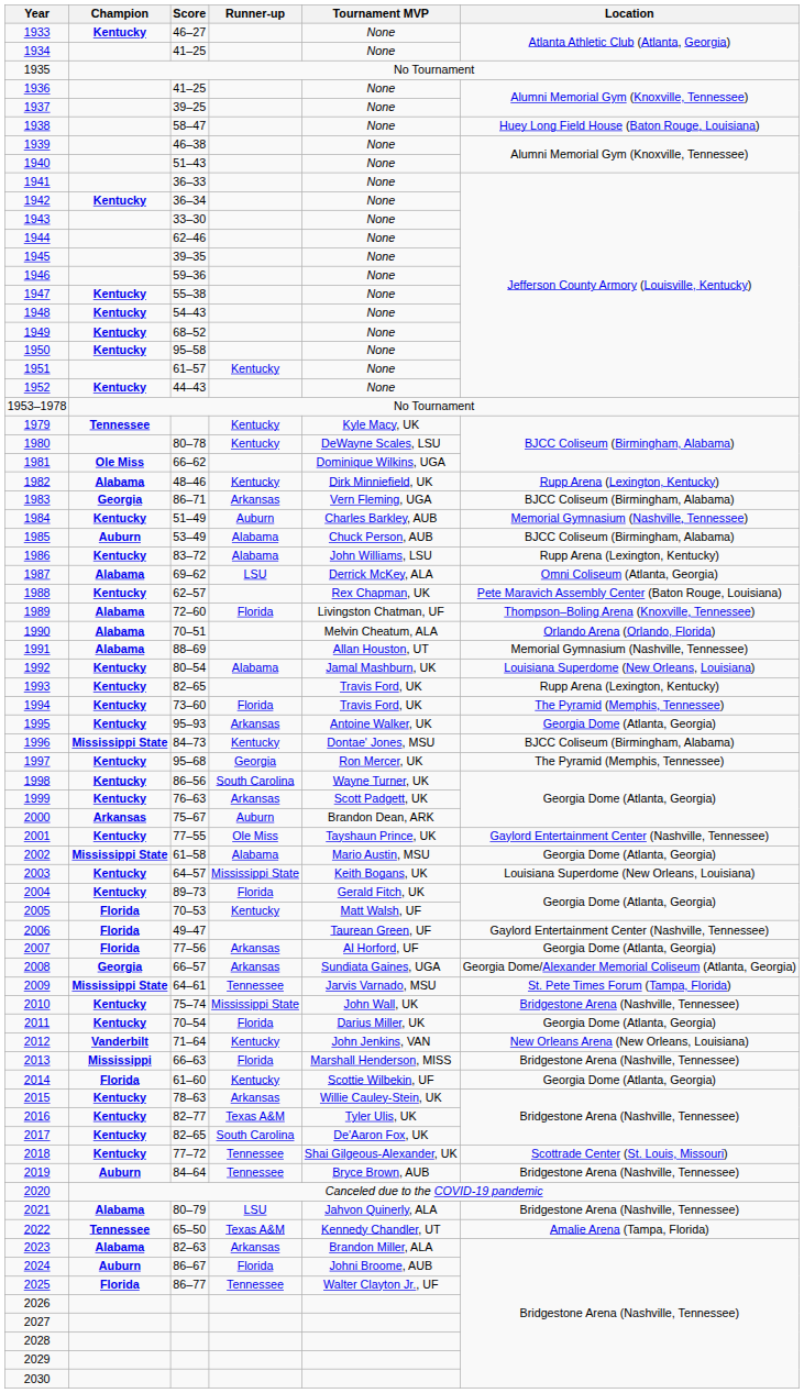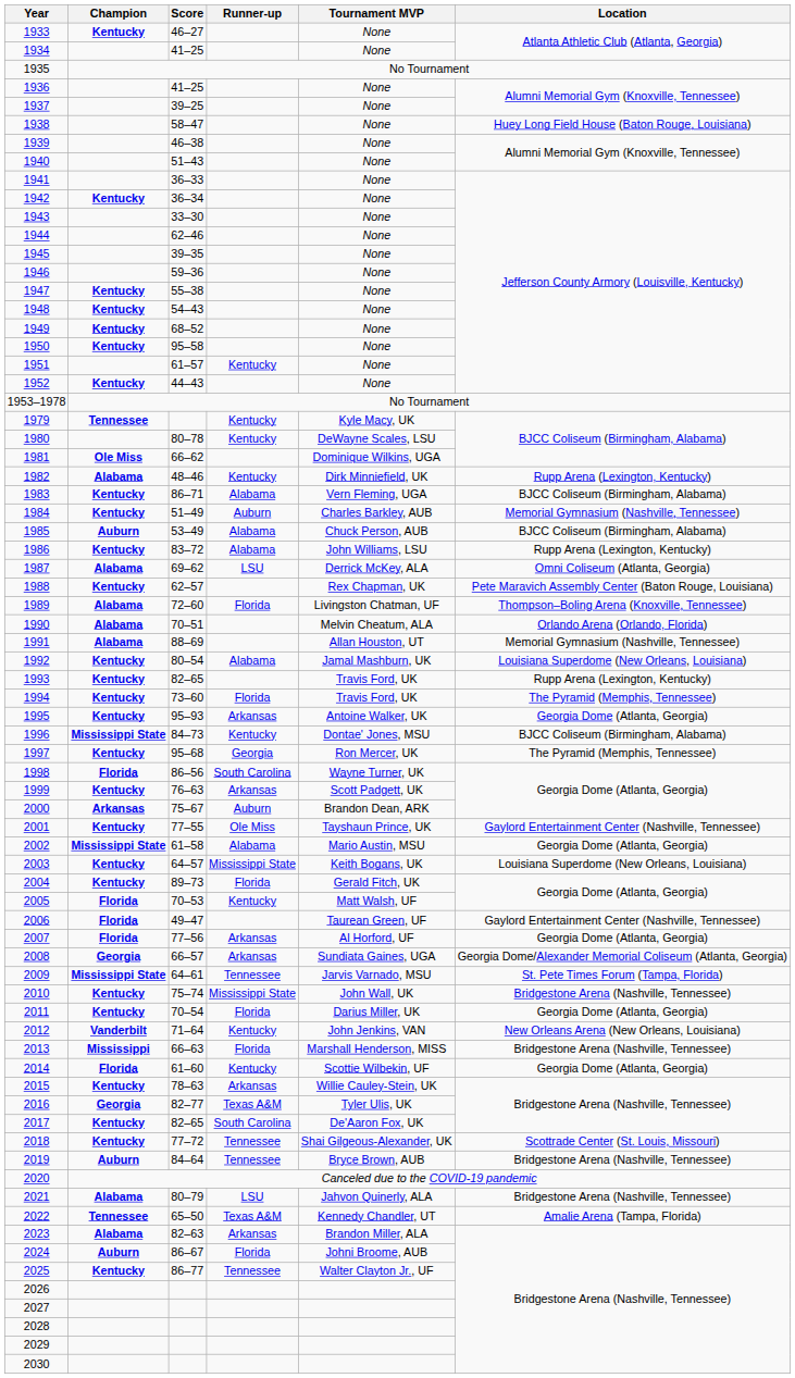 <table class="wikitable sortable" style="text-align:center">
 <tr>
 <th width=px>Year</th>
 <th width=px>Champion</th>
 <th width=px>Score</th>
 <th width=px>Runner-up</th>
 <th width=px>Tournament MVP</th>
 <th width=px>Location</th>
 </tr>
 <tr>
 <td><a href='#'>1933</a></td>
 <td><a href='#'><strong>Kentucky</strong></a></td>
 <td>46–27</td>
 <td></td>
 <td><em>None</em></td>
 <td rowspan=2><a href='#'>Atlanta Athletic Club</a> (<a href='#'>Atlanta</a>, <a href='#'>Georgia</a>)</td>
 </tr>
 <tr>
 <td><a href='#'>1934</a></td>
 <td><strong></strong></td>
 <td>41–25</td>
 <td></td>
 <td><em>None</em></td>
 </tr>
 <tr>
 <td>1935</td>
 <td colspan=5>No Tournament</td>
 </tr>
 <tr>
 <td><a href='#'>1936</a></td>
 <td><strong></strong></td>
 <td>41–25</td>
 <td></td>
 <td><em>None</em></td>
 <td rowspan=2><a href='#'>Alumni Memorial Gym</a> (<a href='#'>Knoxville, Tennessee</a>)</td>
 </tr>
 <tr>
 <td><a href='#'>1937</a></td>
 <td><strong></strong></td>
 <td>39–25</td>
 <td></td>
 <td><em>None</em></td>
 </tr>
 <tr>
 <td><a href='#'>1938</a></td>
 <td><strong></strong></td>
 <td>58–47</td>
 <td></td>
 <td><em>None</em></td>
 <td><a href='#'>Huey Long Field House</a> (<a href='#'>Baton Rouge, Louisiana</a>)</td>
 </tr>
 <tr>
 <td><a href='#'>1939</a></td>
 <td><strong></strong></td>
 <td>46–38</td>
 <td></td>
 <td><em>None</em></td>
 <td rowspan=2>Alumni Memorial Gym (Knoxville, Tennessee)</td>
 </tr>
 <tr>
 <td><a href='#'>1940</a></td>
 <td><strong></strong></td>
 <td>51–43</td>
 <td></td>
 <td><em>None</em></td>
 </tr>
 <tr>
 <td><a href='#'>1941</a></td>
 <td><strong></strong></td>
 <td>36–33</td>
 <td></td>
 <td><em>None</em></td>
 <td rowspan=12><a href='#'>Jefferson County Armory</a> (<a href='#'>Louisville, Kentucky</a>)</td>
 </tr>
 <tr>
 <td><a href='#'>1942</a></td>
 <td><a href='#'><strong>Kentucky</strong></a></td>
 <td>36–34</td>
 <td></td>
 <td><em>None</em></td>
 </tr>
 <tr>
 <td><a href='#'>1943</a></td>
 <td><strong></strong></td>
 <td>33–30</td>
 <td></td>
 <td><em>None</em></td>
 </tr>
 <tr>
 <td><a href='#'>1944</a></td>
 <td><strong></strong></td>
 <td>62–46</td>
 <td></td>
 <td><em>None</em></td>
 </tr>
 <tr>
 <td><a href='#'>1945</a></td>
 <td><strong></strong></td>
 <td>39–35</td>
 <td></td>
 <td><em>None</em></td>
 </tr>
 <tr>
 <td><a href='#'>1946</a></td>
 <td><strong></strong></td>
 <td>59–36</td>
 <td></td>
 <td><em>None</em></td>
 </tr>
 <tr>
 <td><a href='#'>1947</a></td>
 <td><a href='#'><strong>Kentucky</strong></a></td>
 <td>55–38</td>
 <td></td>
 <td><em>None</em></td>
 </tr>
 <tr>
 <td><a href='#'>1948</a></td>
 <td><a href='#'><strong>Kentucky</strong></a></td>
 <td>54–43</td>
 <td></td>
 <td><em>None</em></td>
 </tr>
 <tr>
 <td><a href='#'>1949</a></td>
 <td><a href='#'><strong>Kentucky</strong></a></td>
 <td>68–52</td>
 <td></td>
 <td><em>None</em></td>
 </tr>
 <tr>
 <td><a href='#'>1950</a></td>
 <td><a href='#'><strong>Kentucky</strong></a></td>
 <td>95–58</td>
 <td></td>
 <td><em>None</em></td>
 </tr>
 <tr>
 <td><a href='#'>1951</a></td>
 <td><strong></strong></td>
 <td>61–57</td>
 <td><a href='#'>Kentucky</a></td>
 <td><em>None</em></td>
 </tr>
 <tr>
 <td><a href='#'>1952</a></td>
 <td><a href='#'><strong>Kentucky</strong></a></td>
 <td>44–43</td>
 <td></td>
 <td><em>None</em></td>
 </tr>
 <tr>
 <td>1953–1978</td>
 <td colspan=5>No Tournament</td>
 </tr>
 <tr>
 <td><a href='#'>1979</a></td>
 <td><a href='#'><strong>Tennessee</strong></a></td>
 <td></td>
 <td><a href='#'>Kentucky</a></td>
 <td><a href='#'>Kyle Macy</a>, UK</td>
 <td rowspan=3><a href='#'>BJCC Coliseum</a> (<a href='#'>Birmingham, Alabama</a>)</td>
 </tr>
 <tr>
 <td><a href='#'>1980</a></td>
 <td><strong></strong></td>
 <td>80–78</td>
 <td><a href='#'>Kentucky</a></td>
 <td><a href='#'>DeWayne Scales</a>, LSU</td>
 </tr>
 <tr>
 <td><a href='#'>1981</a></td>
 <td><a href='#'><strong>Ole Miss</strong></a></td>
 <td>66–62</td>
 <td></td>
 <td><a href='#'>Dominique Wilkins</a>, UGA</td>
 </tr>
 <tr>
 <td><a href='#'>1982</a></td>
 <td><a href='#'><strong>Alabama</strong></a></td>
 <td>48–46</td>
 <td><a href='#'>Kentucky</a></td>
 <td><a href='#'>Dirk Minniefield</a>, UK</td>
 <td><a href='#'>Rupp Arena</a> (<a href='#'>Lexington, Kentucky</a>)</td>
 </tr>
 <tr>
 <td><a href='#'>1983</a></td>
-<td><a href='#'><strong>Georgia</strong></a></td>
+<td><a href='#'><strong>Kentucky</strong></a></td>
 <td>86–71</td>
-<td><a href='#'>Arkansas</a></td>
+<td><a href='#'>Alabama</a></td>
 <td><a href='#'>Vern Fleming</a>, UGA</td>
 <td>BJCC Coliseum (Birmingham, Alabama)</td>
 </tr>
 <tr>
 <td><a href='#'>1984</a></td>
 <td><a href='#'><strong>Kentucky</strong></a></td>
 <td>51–49</td>
 <td><a href='#'>Auburn</a></td>
 <td><a href='#'>Charles Barkley</a>, AUB</td>
 <td><a href='#'>Memorial Gymnasium</a> (<a href='#'>Nashville, Tennessee</a>)</td>
 </tr>
 <tr>
 <td><a href='#'>1985</a></td>
 <td><a href='#'><strong>Auburn</strong></a></td>
 <td>53–49</td>
 <td><a href='#'>Alabama</a></td>
 <td><a href='#'>Chuck Person</a>, AUB</td>
 <td>BJCC Coliseum (Birmingham, Alabama)</td>
 </tr>
 <tr>
 <td><a href='#'>1986</a></td>
 <td><a href='#'><strong>Kentucky</strong></a></td>
 <td>83–72</td>
 <td><a href='#'>Alabama</a></td>
 <td><a href='#'>John Williams</a>, LSU</td>
 <td>Rupp Arena (Lexington, Kentucky)</td>
 </tr>
 <tr>
 <td><a href='#'>1987</a></td>
 <td><a href='#'><strong>Alabama</strong></a></td>
 <td>69–62</td>
 <td><a href='#'>LSU</a></td>
 <td><a href='#'>Derrick McKey</a>, ALA</td>
 <td><a href='#'>Omni Coliseum</a> (Atlanta, Georgia)</td>
 </tr>
 <tr>
 <td><a href='#'>1988</a></td>
 <td><strong><a href='#'>Kentucky</a></strong></td>
 <td>62–57</td>
 <td></td>
 <td><a href='#'>Rex Chapman</a>, UK</td>
 <td><a href='#'>Pete Maravich Assembly Center</a> (Baton Rouge, Louisiana)</td>
 </tr>
 <tr>
 <td><a href='#'>1989</a></td>
 <td><a href='#'><strong>Alabama</strong></a></td>
 <td>72–60</td>
 <td><a href='#'>Florida</a></td>
 <td>Livingston Chatman, UF</td>
 <td><a href='#'>Thompson–Boling Arena</a> (<a href='#'>Knoxville, Tennessee</a>)</td>
 </tr>
 <tr>
 <td><a href='#'>1990</a></td>
 <td><a href='#'><strong>Alabama</strong></a></td>
 <td>70–51</td>
 <td></td>
 <td>Melvin Cheatum, ALA</td>
 <td><a href='#'>Orlando Arena</a> (<a href='#'>Orlando, Florida</a>)</td>
 </tr>
 <tr>
 <td><a href='#'>1991</a></td>
 <td><a href='#'><strong>Alabama</strong></a></td>
 <td>88–69</td>
 <td></td>
 <td><a href='#'>Allan Houston</a>, UT</td>
 <td>Memorial Gymnasium (Nashville, Tennessee)</td>
 </tr>
 <tr>
 <td><a href='#'>1992</a></td>
 <td><a href='#'><strong>Kentucky</strong></a></td>
 <td>80–54</td>
 <td><a href='#'>Alabama</a></td>
 <td><a href='#'>Jamal Mashburn</a>, UK</td>
 <td><a href='#'>Louisiana Superdome</a> (<a href='#'>New Orleans</a>, <a href='#'>Louisiana</a>)</td>
 </tr>
 <tr>
 <td><a href='#'>1993</a></td>
 <td><a href='#'><strong>Kentucky</strong></a></td>
 <td>82–65</td>
 <td></td>
 <td><a href='#'>Travis Ford</a>, UK</td>
 <td>Rupp Arena (Lexington, Kentucky)</td>
 </tr>
 <tr>
 <td><a href='#'>1994</a></td>
 <td><a href='#'><strong>Kentucky</strong></a></td>
 <td>73–60</td>
 <td><a href='#'>Florida</a></td>
 <td><a href='#'>Travis Ford</a>, UK</td>
 <td><a href='#'>The Pyramid</a> (<a href='#'>Memphis, Tennessee</a>)</td>
 </tr>
 <tr>
 <td><a href='#'>1995</a></td>
 <td><a href='#'><strong>Kentucky</strong></a></td>
 <td>95–93</td>
 <td><a href='#'>Arkansas</a></td>
 <td><a href='#'>Antoine Walker</a>, UK</td>
 <td><a href='#'>Georgia Dome</a> (Atlanta, Georgia)</td>
 </tr>
 <tr>
 <td><a href='#'>1996</a></td>
 <td><a href='#'><strong>Mississippi State</strong></a></td>
 <td>84–73</td>
 <td><a href='#'>Kentucky</a></td>
 <td><a href='#'>Dontae' Jones</a>, MSU</td>
 <td>BJCC Coliseum (Birmingham, Alabama)</td>
 </tr>
 <tr>
 <td><a href='#'>1997</a></td>
 <td><a href='#'><strong>Kentucky</strong></a></td>
 <td>95–68</td>
 <td><a href='#'>Georgia</a></td>
 <td><a href='#'>Ron Mercer</a>, UK</td>
 <td>The Pyramid (Memphis, Tennessee)</td>
 </tr>
 <tr>
 <td><a href='#'>1998</a></td>
-<td><a href='#'><strong>Kentucky</strong></a></td>
+<td><a href='#'><strong>Florida</strong></a></td>
 <td>86–56</td>
 <td><a href='#'>South Carolina</a></td>
 <td><a href='#'>Wayne Turner</a>, UK</td>
 <td rowspan=3>Georgia Dome (Atlanta, Georgia)</td>
 </tr>
 <tr>
 <td><a href='#'>1999</a></td>
 <td><a href='#'><strong>Kentucky</strong></a></td>
 <td>76–63</td>
 <td><a href='#'>Arkansas</a></td>
 <td><a href='#'>Scott Padgett</a>, UK</td>
 </tr>
 <tr>
 <td><a href='#'>2000</a></td>
 <td><a href='#'><strong>Arkansas</strong></a></td>
 <td>75–67</td>
 <td><a href='#'>Auburn</a></td>
 <td>Brandon Dean, ARK</td>
 </tr>
 <tr>
 <td><a href='#'>2001</a></td>
 <td><a href='#'><strong>Kentucky</strong></a></td>
 <td>77–55</td>
 <td><a href='#'>Ole Miss</a></td>
 <td><a href='#'>Tayshaun Prince</a>, UK</td>
 <td><a href='#'>Gaylord Entertainment Center</a> (Nashville, Tennessee)</td>
 </tr>
 <tr>
 <td><a href='#'>2002</a></td>
 <td><a href='#'><strong>Mississippi State</strong></a></td>
 <td>61–58</td>
 <td><a href='#'>Alabama</a></td>
 <td><a href='#'>Mario Austin</a>, MSU</td>
 <td>Georgia Dome (Atlanta, Georgia)</td>
 </tr>
 <tr>
 <td><a href='#'>2003</a></td>
 <td><a href='#'><strong>Kentucky</strong></a></td>
 <td>64–57</td>
 <td><a href='#'>Mississippi State</a></td>
 <td><a href='#'>Keith Bogans</a>, UK</td>
 <td>Louisiana Superdome (New Orleans, Louisiana)</td>
 </tr>
 <tr>
 <td><a href='#'>2004</a></td>
 <td><a href='#'><strong>Kentucky</strong></a></td>
 <td>89–73</td>
 <td><a href='#'>Florida</a></td>
 <td><a href='#'>Gerald Fitch</a>, UK</td>
 <td rowspan=2>Georgia Dome (Atlanta, Georgia)</td>
 </tr>
 <tr>
 <td><a href='#'>2005</a></td>
 <td><a href='#'><strong>Florida</strong></a></td>
 <td>70–53</td>
 <td><a href='#'>Kentucky</a></td>
 <td><a href='#'>Matt Walsh</a>, UF</td>
 </tr>
 <tr>
 <td><a href='#'>2006</a></td>
 <td><a href='#'><strong>Florida</strong></a></td>
 <td>49–47</td>
 <td></td>
 <td><a href='#'>Taurean Green</a>, UF</td>
 <td>Gaylord Entertainment Center (Nashville, Tennessee)</td>
 </tr>
 <tr>
 <td><a href='#'>2007</a></td>
 <td><a href='#'><strong>Florida</strong></a></td>
 <td>77–56</td>
 <td><a href='#'>Arkansas</a></td>
 <td><a href='#'>Al Horford</a>, UF</td>
 <td>Georgia Dome (Atlanta, Georgia)</td>
 </tr>
 <tr>
 <td><a href='#'>2008</a></td>
 <td><a href='#'><strong>Georgia</strong></a></td>
 <td>66–57</td>
 <td><a href='#'>Arkansas</a></td>
 <td><a href='#'>Sundiata Gaines</a>, UGA</td>
 <td>Georgia Dome/<a href='#'>Alexander Memorial Coliseum</a> (Atlanta, Georgia)</td>
 </tr>
 <tr>
 <td><a href='#'>2009</a></td>
 <td><a href='#'><strong>Mississippi State</strong></a></td>
 <td>64–61</td>
 <td><a href='#'>Tennessee</a></td>
 <td><a href='#'>Jarvis Varnado</a>, MSU</td>
 <td><a href='#'>St. Pete Times Forum</a> (<a href='#'>Tampa, Florida</a>)</td>
 </tr>
 <tr>
 <td><a href='#'>2010</a></td>
 <td><a href='#'><strong>Kentucky</strong></a></td>
 <td>75–74</td>
 <td><a href='#'>Mississippi State</a></td>
 <td><a href='#'>John Wall</a>, UK</td>
 <td><a href='#'>Bridgestone Arena</a> (Nashville, Tennessee)</td>
 </tr>
 <tr>
 <td><a href='#'>2011</a></td>
 <td><a href='#'><strong>Kentucky</strong></a></td>
 <td>70–54</td>
 <td><a href='#'>Florida</a></td>
 <td><a href='#'>Darius Miller</a>, UK</td>
 <td>Georgia Dome (Atlanta, Georgia)</td>
 </tr>
 <tr>
 <td><a href='#'>2012</a></td>
 <td><a href='#'><strong>Vanderbilt</strong></a></td>
 <td>71–64</td>
 <td><a href='#'>Kentucky</a></td>
 <td><a href='#'>John Jenkins</a>, VAN</td>
 <td><a href='#'>New Orleans Arena</a> (New Orleans, Louisiana)</td>
 </tr>
 <tr>
 <td><a href='#'>2013</a></td>
 <td><a href='#'><strong>Mississippi</strong></a></td>
 <td>66–63</td>
 <td><a href='#'>Florida</a></td>
 <td><a href='#'>Marshall Henderson</a>, MISS</td>
 <td>Bridgestone Arena (Nashville, Tennessee)</td>
 </tr>
 <tr>
 <td><a href='#'>2014</a></td>
 <td><a href='#'><strong>Florida</strong></a></td>
 <td>61–60</td>
 <td><a href='#'>Kentucky</a></td>
 <td><a href='#'>Scottie Wilbekin</a>, UF</td>
 <td>Georgia Dome (Atlanta, Georgia)</td>
 </tr>
 <tr>
 <td><a href='#'>2015</a></td>
 <td><a href='#'><strong>Kentucky</strong></a></td>
 <td>78–63</td>
 <td><a href='#'>Arkansas</a></td>
 <td><a href='#'>Willie Cauley-Stein</a>, UK</td>
 <td rowspan=3>Bridgestone Arena (Nashville, Tennessee)</td>
 </tr>
 <tr>
 <td><a href='#'>2016</a></td>
-<td><a href='#'><strong>Kentucky</strong></a></td>
+<td><a href='#'><strong>Georgia</strong></a></td>
 <td>82–77</td>
 <td><a href='#'>Texas A&M</a></td>
 <td><a href='#'>Tyler Ulis</a>, UK</td>
 </tr>
 <tr>
 <td><a href='#'>2017</a></td>
 <td><a href='#'><strong>Kentucky</strong></a></td>
 <td>82–65</td>
 <td><a href='#'>South Carolina</a></td>
 <td><a href='#'>De'Aaron Fox</a>, UK</td>
 </tr>
 <tr>
 <td><a href='#'>2018</a></td>
 <td><a href='#'><strong>Kentucky</strong></a></td>
 <td>77–72</td>
 <td><a href='#'>Tennessee</a></td>
 <td><a href='#'>Shai Gilgeous-Alexander</a>, UK</td>
 <td><a href='#'>Scottrade Center</a> (<a href='#'>St. Louis, Missouri</a>)</td>
 </tr>
 <tr>
 <td><a href='#'>2019</a></td>
 <td><a href='#'><strong>Auburn</strong></a></td>
 <td>84–64</td>
 <td><a href='#'>Tennessee</a></td>
 <td><a href='#'>Bryce Brown</a>, AUB</td>
 <td>Bridgestone Arena (Nashville, Tennessee)</td>
 </tr>
 <tr>
 <td><a href='#'>2020</a></td>
 <td colspan=5><em>Canceled due to the <a href='#'>COVID-19 pandemic</a></em></td>
 </tr>
 <tr>
 <td><a href='#'>2021</a></td>
 <td><a href='#'><strong>Alabama</strong></a></td>
 <td>80–79</td>
 <td><a href='#'>LSU</a></td>
 <td><a href='#'>Jahvon Quinerly</a>, ALA</td>
 <td>Bridgestone Arena (Nashville, Tennessee)</td>
 </tr>
 <tr>
 <td><a href='#'>2022</a></td>
 <td><a href='#'><strong>Tennessee</strong></a></td>
 <td>65–50</td>
 <td><a href='#'>Texas A&M</a></td>
 <td><a href='#'>Kennedy Chandler</a>, UT</td>
 <td><a href='#'>Amalie Arena</a> (Tampa, Florida)</td>
 </tr>
 <tr>
 <td><a href='#'>2023</a></td>
 <td><a href='#'><strong>Alabama</strong></a></td>
 <td>82–63</td>
 <td><a href='#'>Arkansas</a></td>
 <td><a href='#'>Brandon Miller</a>, ALA</td>
 <td rowspan=8>Bridgestone Arena (Nashville, Tennessee)</td>
 </tr>
 <tr>
 <td><a href='#'>2024</a></td>
 <td><a href='#'><strong>Auburn</strong></a></td>
 <td>86–67</td>
 <td><a href='#'>Florida</a></td>
 <td><a href='#'>Johni Broome</a>, AUB</td>
 </tr>
 <tr>
 <td><a href='#'>2025</a></td>
-<td><a href='#'><strong>Florida</strong></a></td>
+<td><a href='#'><strong>Kentucky</strong></a></td>
 <td>86–77</td>
 <td><a href='#'>Tennessee</a></td>
 <td><a href='#'>Walter Clayton Jr.</a>, UF</td>
 </tr>
 <tr>
 <td>2026</td>
 <td></td>
 <td></td>
 <td></td>
 <td></td>
 </tr>
 <tr>
 <td>2027</td>
 <td></td>
 <td></td>
 <td></td>
 <td></td>
 </tr>
 <tr>
 <td>2028</td>
 <td></td>
 <td></td>
 <td></td>
 <td></td>
 </tr>
 <tr>
 <td>2029</td>
 <td></td>
 <td></td>
 <td></td>
 <td></td>
 </tr>
 <tr>
 <td>2030</td>
 <td></td>
 <td></td>
 <td></td>
 <td></td>
 </tr>
 </table>
